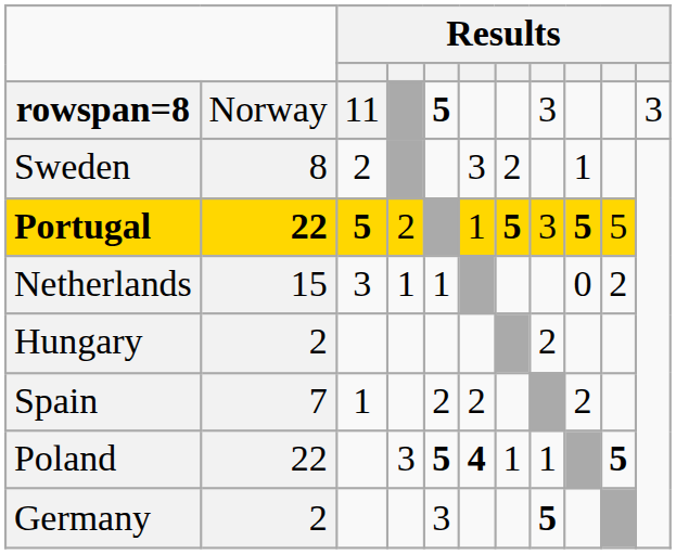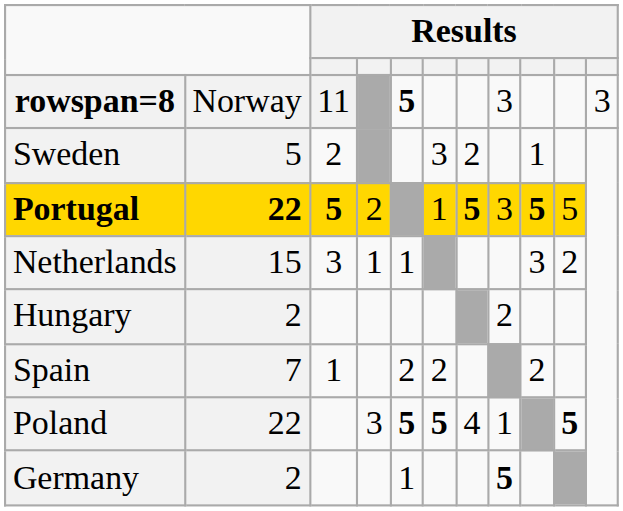 <table class="wikitable" border="1" style="text-align:center">
 <tr>
 <td colspan=2 rowspan=2></td>
 <th colspan=21>Results</th>
 </tr>
 <tr>
 <th></th>
 <th></th>
 <th></th>
 <th></th>
 <th></th>
 <th></th>
 <th></th>
 <th></th>
 <th></th>
 </tr>
 <tr>
 <th>rowspan=8 </th>
 <td style="text-align:left; background:#f2f2f2;">Norway</td>
 <td style="text-align:right; background:#f2f2f2;">11</td>
 <td style="text-align:left; background:#aaa;"></td>
 <td><strong>5</strong></td>
 <td></td>
 <td></td>
 <td>3</td>
 <td></td>
 <td></td>
 <td>3</td>
 </tr>
 <tr>
 <td style="text-align:left; background:#f2f2f2;">Sweden</td>
-<td style="text-align:right; background:#f2f2f2;">8</td>
+<td style="text-align:right; background:#f2f2f2;">5</td>
 <td>2</td>
 <td style="text-align:left; background:#aaa;"></td>
 <td></td>
 <td>3</td>
 <td>2</td>
 <td></td>
 <td>1</td>
 <td></td>
 </tr>
 <tr style="background:gold;">
 <td style="text-align:left; background:gold;"><strong>Portugal</strong></td>
 <td style="text-align:right; background:gold;"><strong>22</strong></td>
 <td><strong>5</strong></td>
 <td>2</td>
 <td style="text-align:left; background:#aaa;"></td>
 <td>1</td>
 <td><strong>5</strong></td>
 <td>3</td>
 <td><strong>5</strong></td>
 <td>5</td>
 </tr>
 <tr>
 <td style="text-align:left; background:#f2f2f2;">Netherlands</td>
 <td style="text-align:right; background:#f2f2f2;">15</td>
 <td>3</td>
 <td>1</td>
 <td>1</td>
 <td style="text-align:left; background:#aaa;"></td>
 <td></td>
 <td></td>
-<td>0</td>
+<td>3</td>
 <td>2</td>
 </tr>
 <tr>
 <td style="text-align:left; background:#f2f2f2;">Hungary</td>
 <td style="text-align:right; background:#f2f2f2;">2</td>
 <td></td>
 <td></td>
 <td></td>
 <td></td>
 <td style="text-align:left; background:#aaa;"></td>
 <td>2</td>
 <td></td>
 <td></td>
 </tr>
 <tr>
 <td style="text-align:left; background:#f2f2f2;">Spain</td>
 <td style="text-align:right; background:#f2f2f2;">7</td>
 <td>1</td>
 <td></td>
 <td>2</td>
 <td>2</td>
 <td></td>
 <td style="text-align:left; background:#aaa;"></td>
 <td>2</td>
 <td></td>
 </tr>
 <tr>
 <td style="text-align:left; background:#f2f2f2;">Poland</td>
 <td style="text-align:right; background:#f2f2f2;">22</td>
 <td></td>
 <td>3</td>
 <td><strong>5</strong></td>
-<td><strong>4</strong></td>
-<td>1</td>
+<td><strong>5</strong></td>
+<td>4</td>
 <td>1</td>
 <td style="text-align:left; background:#aaa;"></td>
 <td><strong>5</strong></td>
 </tr>
 <tr>
 <td style="text-align:left; background:#f2f2f2;">Germany</td>
 <td style="text-align:right; background:#f2f2f2;">2</td>
 <td></td>
 <td></td>
-<td>3</td>
+<td>1</td>
 <td></td>
 <td></td>
 <td><strong>5</strong></td>
 <td></td>
 <td style="text-align:left; background:#aaa;"></td>
 </tr>
 </table>
